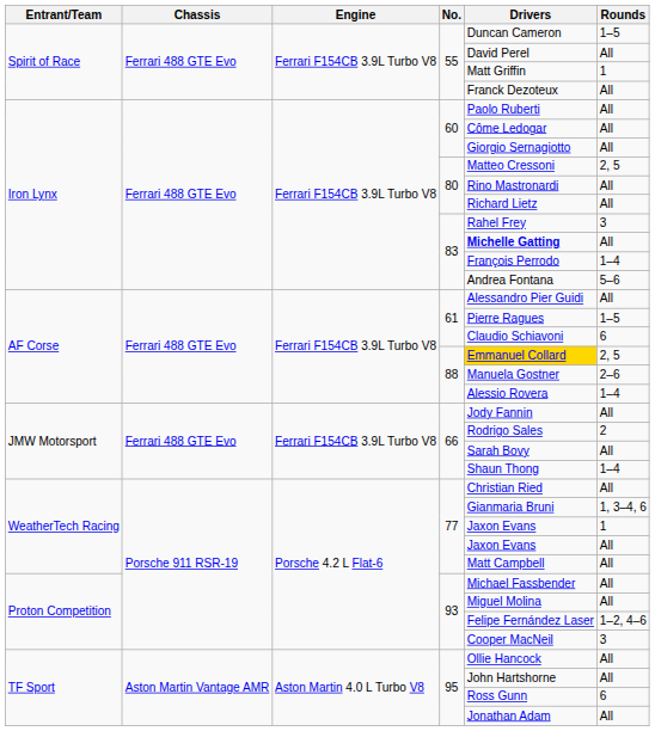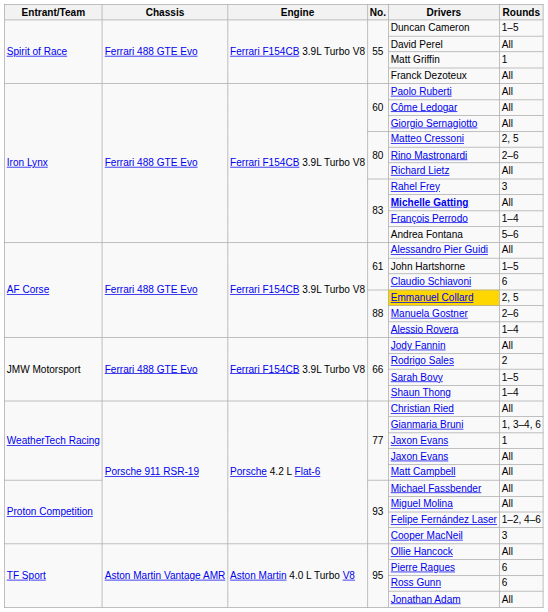 <table class="wikitable" style="font-size: 85%;">
 <tr>
 <th>Entrant/Team</th>
 <th>Chassis</th>
 <th>Engine</th>
 <th>No.</th>
 <th>Drivers</th>
 <th>Rounds</th>
 </tr>
 <tr>
 <td rowspan="4"> <a href='#'>Spirit of Race</a></td>
 <td rowspan="4"><a href='#'>Ferrari 488 GTE Evo</a></td>
 <td rowspan="4"><a href='#'>Ferrari F154CB</a> 3.9L Turbo V8</td>
 <td rowspan="4" align="center">55</td>
 <td> Duncan Cameron</td>
 <td>1–5</td>
 </tr>
 <tr>
 <td> David Perel</td>
 <td>All</td>
 </tr>
 <tr>
 <td> Matt Griffin</td>
 <td>1</td>
 </tr>
 <tr>
 <td> Franck Dezoteux</td>
 <td>All</td>
 </tr>
 <tr>
 <td rowspan="10"> <a href='#'>Iron Lynx</a></td>
 <td rowspan="10"><a href='#'>Ferrari 488 GTE Evo</a></td>
 <td rowspan="10"><a href='#'>Ferrari F154CB</a> 3.9L Turbo V8</td>
 <td align="center" rowspan=3>60</td>
 <td> <a href='#'>Paolo Ruberti</a></td>
 <td>All</td>
 </tr>
 <tr>
 <td> <a href='#'>Côme Ledogar</a></td>
 <td>All</td>
 </tr>
 <tr>
 <td> <a href='#'>Giorgio Sernagiotto</a></td>
 <td>All</td>
 </tr>
 <tr>
 <td align="center" rowspan=3>80</td>
 <td> <a href='#'>Matteo Cressoni</a></td>
 <td>2, 5</td>
 </tr>
 <tr>
 <td> <a href='#'>Rino Mastronardi</a></td>
-<td>All</td>
+<td>2–6</td>
 </tr>
 <tr>
 <td> <a href='#'>Richard Lietz</a></td>
 <td>All</td>
 </tr>
 <tr>
 <td rowspan="4" align="center">83</td>
 <td> <a href='#'>Rahel Frey</a></td>
 <td>3</td>
 </tr>
 <tr>
 <td><strong> <a href='#'>Michelle Gatting</a></strong></td>
 <td>All</td>
 </tr>
 <tr>
 <td> <a href='#'>François Perrodo</a></td>
 <td>1–4</td>
 </tr>
 <tr>
 <td> Andrea Fontana</td>
 <td>5–6</td>
 </tr>
 <tr>
 <td rowspan="6"> <a href='#'>AF Corse</a></td>
 <td rowspan="6"><a href='#'>Ferrari 488 GTE Evo</a></td>
 <td rowspan="6"><a href='#'>Ferrari F154CB</a> 3.9L Turbo V8</td>
 <td rowspan="3" align="center">61</td>
 <td> <a href='#'>Alessandro Pier Guidi</a></td>
 <td>All</td>
 </tr>
 <tr>
-<td> <a href='#'>Pierre Ragues</a></td>
+<td> John Hartshorne</td>
 <td>1–5</td>
 </tr>
 <tr>
 <td> <a href='#'>Claudio Schiavoni</a></td>
 <td>6</td>
 </tr>
 <tr>
 <td rowspan="3" align="center">88</td>
 <td style="background: gold;"> <a href='#'>Emmanuel Collard</a></td>
 <td>2, 5</td>
 </tr>
 <tr>
 <td> <a href='#'>Manuela Gostner</a></td>
 <td>2–6</td>
 </tr>
 <tr>
 <td> <a href='#'>Alessio Rovera</a></td>
 <td>1–4</td>
 </tr>
 <tr>
 <td rowspan="4"> JMW Motorsport</td>
 <td rowspan="4"><a href='#'>Ferrari 488 GTE Evo</a></td>
 <td rowspan="4"><a href='#'>Ferrari F154CB</a> 3.9L Turbo V8</td>
 <td rowspan="4" align="center">66</td>
 <td> <a href='#'>Jody Fannin</a></td>
 <td>All</td>
 </tr>
 <tr>
 <td> <a href='#'>Rodrigo Sales</a></td>
 <td>2</td>
 </tr>
 <tr>
 <td> <a href='#'>Sarah Bovy</a></td>
-<td>All</td>
+<td>1–5</td>
 </tr>
 <tr>
 <td> <a href='#'>Shaun Thong</a></td>
 <td>1–4</td>
 </tr>
 <tr>
 <td rowspan="5"> <a href='#'>WeatherTech Racing</a></td>
 <td rowspan="9"><a href='#'>Porsche 911 RSR-19</a></td>
 <td rowspan="9"><a href='#'>Porsche</a> 4.2 L <a href='#'>Flat-6</a></td>
 <td rowspan="5" align="center">77</td>
 <td> <a href='#'>Christian Ried</a></td>
 <td>All</td>
 </tr>
 <tr>
 <td> <a href='#'>Gianmaria Bruni</a></td>
 <td>1, 3–4, 6</td>
 </tr>
 <tr>
 <td> <a href='#'>Jaxon Evans</a></td>
 <td>1</td>
 </tr>
 <tr>
 <td> <a href='#'>Jaxon Evans</a></td>
 <td>All</td>
 </tr>
 <tr>
 <td> <a href='#'>Matt Campbell</a></td>
 <td>All</td>
 </tr>
 <tr>
 <td rowspan="4"> <a href='#'>Proton Competition</a></td>
 <td rowspan="4" align="center">93</td>
 <td> <a href='#'>Michael Fassbender</a></td>
 <td>All</td>
 </tr>
 <tr>
 <td> <a href='#'>Miguel Molina</a></td>
 <td>All</td>
 </tr>
 <tr>
 <td> <a href='#'>Felipe Fernández Laser</a></td>
 <td>1–2, 4–6</td>
 </tr>
 <tr>
 <td> <a href='#'>Cooper MacNeil</a></td>
 <td>3</td>
 </tr>
 <tr>
 <td rowspan="4"> <a href='#'>TF Sport</a></td>
 <td rowspan="4"><a href='#'>Aston Martin Vantage AMR</a></td>
 <td rowspan="4"><a href='#'>Aston Martin</a> 4.0 L Turbo <a href='#'>V8</a></td>
 <td rowspan="4" align="center">95</td>
 <td> <a href='#'>Ollie Hancock</a></td>
 <td>All</td>
 </tr>
 <tr>
-<td> John Hartshorne</td>
-<td>All</td>
+<td> <a href='#'>Pierre Ragues</a></td>
+<td>6</td>
 </tr>
 <tr>
 <td> <a href='#'>Ross Gunn</a></td>
 <td>6</td>
 </tr>
 <tr>
 <td> <a href='#'>Jonathan Adam</a></td>
 <td>All</td>
 </tr>
 </table>
